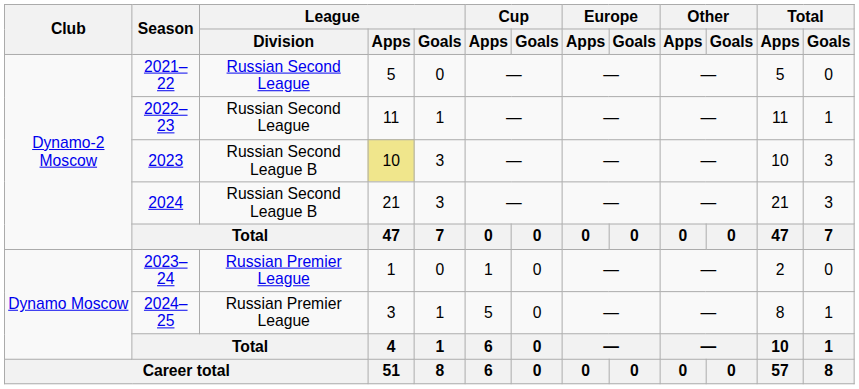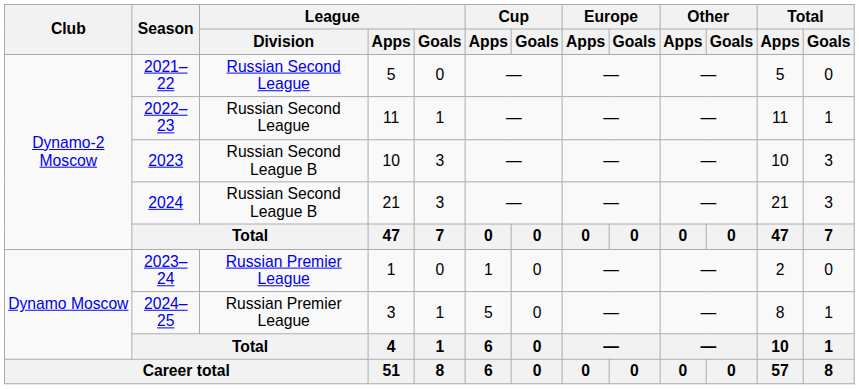 <table class="wikitable" style="text-align: center;">
 <tr>
 <th rowspan="2">Club</th>
 <th rowspan="2">Season</th>
 <th colspan="3">League</th>
 <th colspan="2">Cup</th>
 <th colspan="2">Europe</th>
 <th colspan="2">Other</th>
 <th colspan="2">Total</th>
 </tr>
 <tr>
 <th>Division</th>
 <th>Apps</th>
 <th>Goals</th>
 <th>Apps</th>
 <th>Goals</th>
 <th>Apps</th>
 <th>Goals</th>
 <th>Apps</th>
 <th>Goals</th>
 <th>Apps</th>
 <th>Goals</th>
 </tr>
 <tr>
 <td rowspan="5"><a href='#'>Dynamo-2 Moscow</a></td>
 <td><a href='#'>2021–22</a></td>
 <td><a href='#'>Russian Second League</a></td>
 <td>5</td>
 <td>0</td>
 <td colspan="2">—</td>
 <td colspan="2">—</td>
 <td colspan="2">—</td>
 <td>5</td>
 <td>0</td>
 </tr>
 <tr>
 <td><a href='#'>2022–23</a></td>
 <td>Russian Second League</td>
 <td>11</td>
 <td>1</td>
 <td colspan="2">—</td>
 <td colspan="2">—</td>
 <td colspan="2">—</td>
 <td>11</td>
 <td>1</td>
 </tr>
 <tr>
 <td><a href='#'>2023</a></td>
 <td>Russian Second League B</td>
-<td style="background: khaki;">10</td>
+<td>10</td>
 <td>3</td>
 <td colspan="2">—</td>
 <td colspan="2">—</td>
 <td colspan="2">—</td>
 <td>10</td>
 <td>3</td>
 </tr>
 <tr>
 <td><a href='#'>2024</a></td>
 <td>Russian Second League B</td>
 <td>21</td>
 <td>3</td>
 <td colspan="2">—</td>
 <td colspan="2">—</td>
 <td colspan="2">—</td>
 <td>21</td>
 <td>3</td>
 </tr>
 <tr>
 <th colspan="2">Total</th>
 <th>47</th>
 <th>7</th>
 <th>0</th>
 <th>0</th>
 <th>0</th>
 <th>0</th>
 <th>0</th>
 <th>0</th>
 <th>47</th>
 <th>7</th>
 </tr>
 <tr>
 <td rowspan="3"><a href='#'>Dynamo Moscow</a></td>
 <td><a href='#'>2023–24</a></td>
 <td><a href='#'>Russian Premier League</a></td>
 <td>1</td>
 <td>0</td>
 <td>1</td>
 <td>0</td>
 <td colspan="2">—</td>
 <td colspan="2">—</td>
 <td>2</td>
 <td>0</td>
 </tr>
 <tr>
 <td><a href='#'>2024–25</a></td>
 <td>Russian Premier League</td>
 <td>3</td>
 <td>1</td>
 <td>5</td>
 <td>0</td>
 <td colspan="2">—</td>
 <td colspan="2">—</td>
 <td>8</td>
 <td>1</td>
 </tr>
 <tr>
 <th colspan="2">Total</th>
 <th>4</th>
 <th>1</th>
 <th>6</th>
 <th>0</th>
 <th colspan="2">—</th>
 <th colspan="2">—</th>
 <th>10</th>
 <th>1</th>
 </tr>
 <tr>
 <th colspan="3">Career total</th>
 <th>51</th>
 <th>8</th>
 <th>6</th>
 <th>0</th>
 <th>0</th>
 <th>0</th>
 <th>0</th>
 <th>0</th>
 <th>57</th>
 <th>8</th>
 </tr>
 </table>
